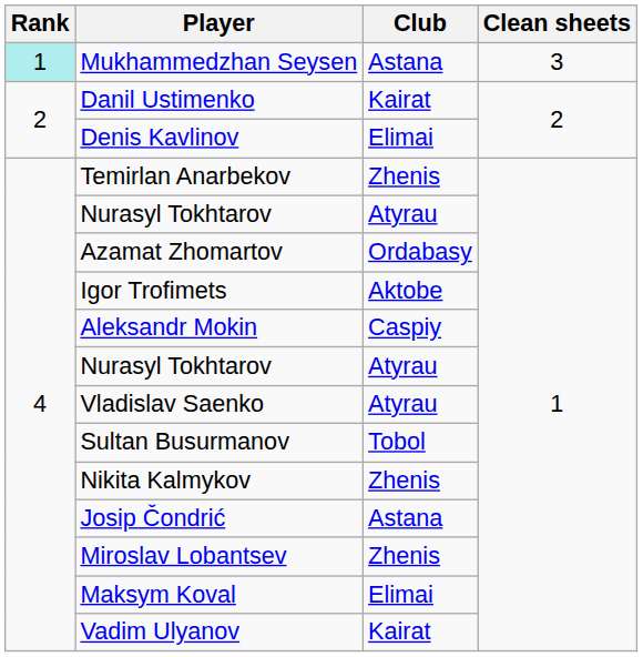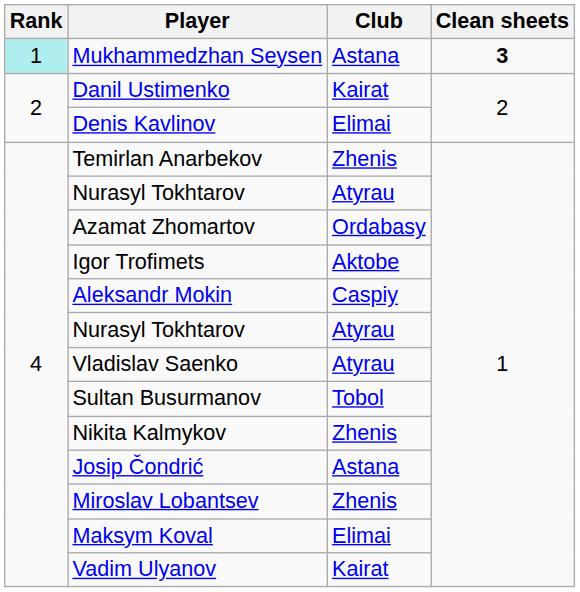 <table class="wikitable" style="text-align:center">
 <tr>
 <th>Rank</th>
 <th>Player</th>
 <th>Club</th>
 <th>Clean sheets</th>
 </tr>
 <tr>
 <td rowspan="1" style="background: paleturquoise;">1</td>
 <td align="left"> <a href='#'>Mukhammedzhan Seysen</a></td>
 <td align="left"><a href='#'>Astana</a></td>
-<td rowspan="1">3</td>
+<td rowspan="1"><strong>3</strong></td>
 </tr>
 <tr>
 <td rowspan="2">2</td>
 <td align="left"> <a href='#'>Danil Ustimenko</a></td>
 <td align="left"><a href='#'>Kairat</a></td>
 <td rowspan="2">2</td>
 </tr>
 <tr>
 <td align="left"> <a href='#'>Denis Kavlinov</a></td>
 <td align="left"><a href='#'>Elimai</a></td>
 </tr>
 <tr>
 <td rowspan="13">4</td>
 <td align="left"> Temirlan Anarbekov</td>
 <td align="left"><a href='#'>Zhenis</a></td>
 <td rowspan="13">1</td>
 </tr>
 <tr>
 <td align="left"> Nurasyl Tokhtarov</td>
 <td align="left"><a href='#'>Atyrau</a></td>
 </tr>
 <tr>
 <td align="left"> Azamat Zhomartov</td>
 <td align="left"><a href='#'>Ordabasy</a></td>
 </tr>
 <tr>
 <td align="left"> Igor Trofimets</td>
 <td align="left"><a href='#'>Aktobe</a></td>
 </tr>
 <tr>
 <td align="left"> <a href='#'>Aleksandr Mokin</a></td>
 <td align="left"><a href='#'>Caspiy</a></td>
 </tr>
 <tr>
 <td align="left"> Nurasyl Tokhtarov</td>
 <td align="left"><a href='#'>Atyrau</a></td>
 </tr>
 <tr>
 <td align="left"> Vladislav Saenko</td>
 <td align="left"><a href='#'>Atyrau</a></td>
 </tr>
 <tr>
 <td align="left"> Sultan Busurmanov</td>
 <td align="left"><a href='#'>Tobol</a></td>
 </tr>
 <tr>
 <td align="left"> Nikita Kalmykov</td>
 <td align="left"><a href='#'>Zhenis</a></td>
 </tr>
 <tr>
 <td align="left"> <a href='#'>Josip Čondrić</a></td>
 <td align="left"><a href='#'>Astana</a></td>
 </tr>
 <tr>
 <td align="left"> <a href='#'>Miroslav Lobantsev</a></td>
 <td align="left"><a href='#'>Zhenis</a></td>
 </tr>
 <tr>
 <td align="left"> <a href='#'>Maksym Koval</a></td>
 <td align="left"><a href='#'>Elimai</a></td>
 </tr>
 <tr>
 <td align="left"> <a href='#'>Vadim Ulyanov</a></td>
 <td align="left"><a href='#'>Kairat</a></td>
 </tr>
 </table>
